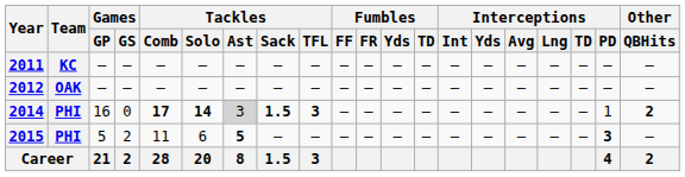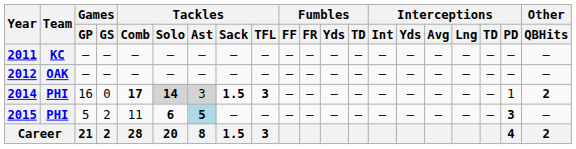 <table class="wikitable" style="text-align:center;">
 <tr>
 <th rowspan="2">Year</th>
 <th rowspan="2">Team</th>
 <th colspan="2">Games</th>
 <th colspan="5">Tackles</th>
 <th colspan="4">Fumbles</th>
 <th colspan="6">Interceptions</th>
 <th colspan="1">Other</th>
 </tr>
 <tr>
 <th>GP</th>
 <th>GS</th>
 <th>Comb</th>
 <th>Solo</th>
 <th>Ast</th>
 <th>Sack</th>
 <th>TFL</th>
 <th>FF</th>
 <th>FR</th>
 <th>Yds</th>
 <th>TD</th>
 <th>Int</th>
 <th>Yds</th>
 <th>Avg</th>
 <th>Lng</th>
 <th>TD</th>
 <th>PD</th>
 <th>QBHits</th>
 </tr>
 <tr>
 <th><a href='#'>2011</a></th>
 <th><a href='#'>KC</a></th>
 <td>—</td>
 <td>—</td>
 <td>—</td>
 <td>—</td>
 <td>—</td>
 <td>—</td>
 <td>—</td>
 <td>—</td>
 <td>—</td>
 <td>—</td>
 <td>—</td>
 <td>—</td>
 <td>—</td>
 <td>—</td>
 <td>—</td>
 <td>—</td>
 <td>—</td>
 <td>—</td>
 </tr>
 <tr>
 <th><a href='#'>2012</a></th>
 <th><a href='#'>OAK</a></th>
 <td>—</td>
 <td>—</td>
 <td>—</td>
 <td>—</td>
 <td>—</td>
 <td>—</td>
 <td>—</td>
 <td>—</td>
 <td>—</td>
 <td>—</td>
 <td>—</td>
 <td>—</td>
 <td>—</td>
 <td>—</td>
 <td>—</td>
 <td>—</td>
 <td>—</td>
 <td>—</td>
 </tr>
 <tr>
 <th><a href='#'>2014</a></th>
 <th><a href='#'>PHI</a></th>
 <td>16</td>
 <td>0</td>
 <td><strong>17</strong></td>
-<td><strong>14</strong></td>
+<td style="background: lightgrey;"><strong>14</strong></td>
 <td style="background: lightgrey;">3</td>
 <td><strong>1.5</strong></td>
 <td><strong>3</strong></td>
 <td>—</td>
 <td>—</td>
 <td>—</td>
 <td>—</td>
 <td>—</td>
 <td>—</td>
 <td>—</td>
 <td>—</td>
 <td>—</td>
 <td>1</td>
 <td><strong>2</strong></td>
 </tr>
 <tr>
 <th><a href='#'>2015</a></th>
 <th><a href='#'>PHI</a></th>
 <td>5</td>
 <td>2</td>
 <td>11</td>
-<td>6</td>
-<td><strong>5</strong></td>
+<td><strong>6</strong></td>
+<td style="background: lightblue;"><strong>5</strong></td>
 <td>—</td>
 <td>—</td>
 <td>—</td>
 <td>—</td>
 <td>—</td>
 <td>—</td>
 <td>—</td>
 <td>—</td>
 <td>—</td>
 <td>—</td>
 <td>—</td>
 <td><strong>3</strong></td>
 <td>—</td>
 </tr>
 <tr>
 <th colspan="2">Career</th>
 <th>21</th>
 <th>2</th>
 <th>28</th>
 <th>20</th>
 <th>8</th>
 <th>1.5</th>
 <th>3</th>
 <th></th>
 <th></th>
 <th></th>
 <th></th>
 <th></th>
 <th></th>
 <th></th>
 <th></th>
 <th></th>
 <th>4</th>
 <th>2</th>
 </tr>
 </table>
